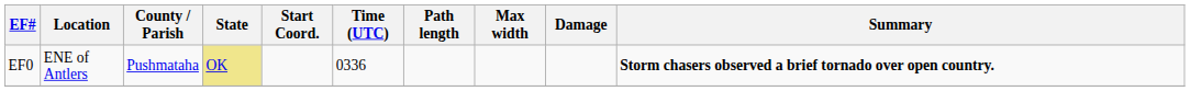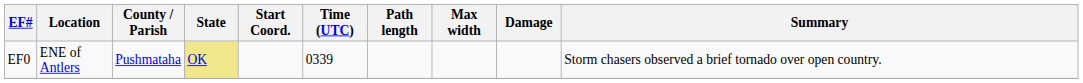 <table class="wikitable sortable" style="width:100%;">
 <tr>
 <th scope="col" width="3%" align="center"><a href='#'>EF#</a></th>
 <th scope="col" width="7%" align="center" class="unsortable">Location</th>
 <th scope="col" width="6%" align="center" class="unsortable">County / Parish</th>
 <th scope="col" width="5%" align="center">State</th>
 <th scope="col" width="6%" align="center">Start Coord.</th>
 <th scope="col" width="6%" align="center">Time (<a href='#'>UTC</a>)</th>
 <th scope="col" width="6%" align="center">Path length</th>
 <th scope="col" width="6%" align="center">Max width</th>
 <th scope="col" width="6%" align="center">Damage</th>
 <th scope="col" width="48%" class="unsortable" align="center">Summary</th>
 </tr>
 <tr>
 <td>EF0</td>
 <td>ENE of <a href='#'>Antlers</a></td>
 <td><a href='#'>Pushmataha</a></td>
 <td style="background: khaki;"><a href='#'>OK</a></td>
 <td></td>
-<td>0336</td>
+<td>0339</td>
 <td></td>
 <td></td>
 <td></td>
-<td><strong>Storm chasers observed a brief tornado over open country.</strong></td>
+<td>Storm chasers observed a brief tornado over open country.</td>
 </tr>
 <tr>
 </tr>
 </table>
